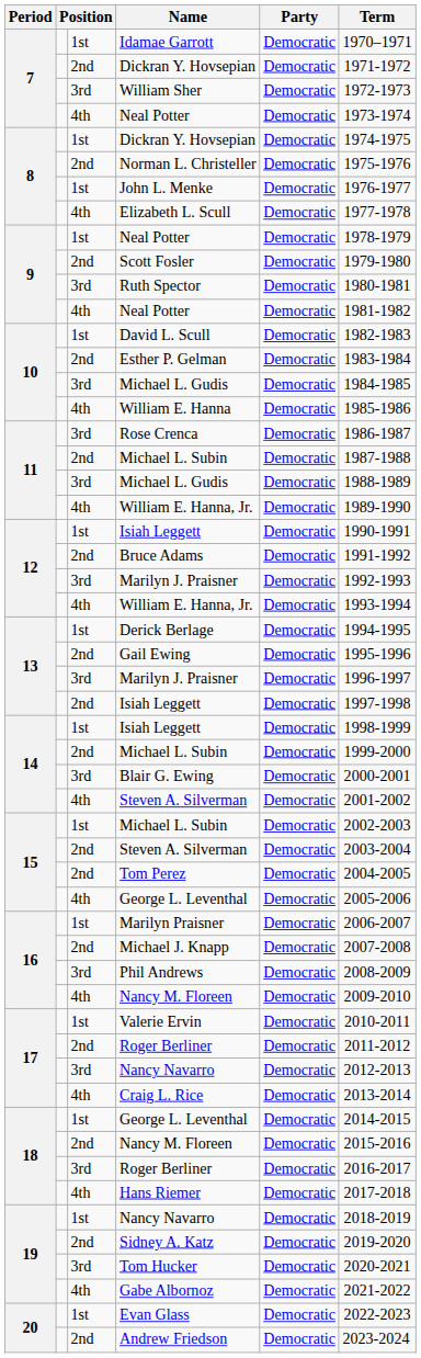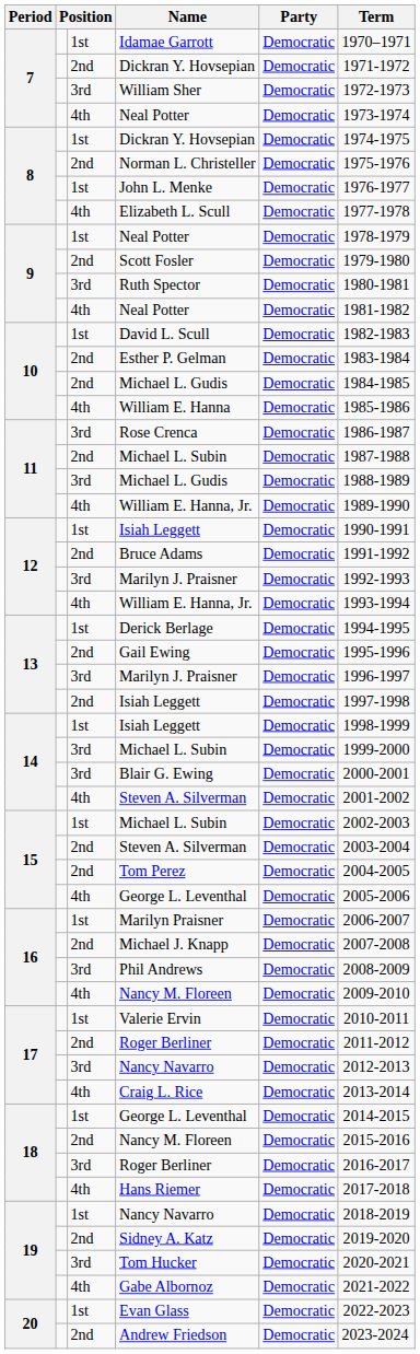 <table class="wikitable">
 <tr>
 <th>Period</th>
 <th colspan="2"  style="text-align:center; vertical-align:bottom;">Position</th>
 <th style="text-align:center;">Name</th>
 <th valign=bottom>Party</th>
 <th style="vertical-align:bottom; text-align:center;">Term</th>
 </tr>
 <tr>
 <th rowspan="4">7</th>
 <td style="background-color:"></td>
 <td>1st</td>
 <td><a href='#'>Idamae Garrott</a></td>
 <td style="text-align:center;"><a href='#'>Democratic</a></td>
 <td style="text-align:center;">1970–1971</td>
 </tr>
 <tr>
 <td style="background-color:"></td>
 <td>2nd</td>
 <td>Dickran Y. Hovsepian</td>
 <td style="text-align:center;"><a href='#'>Democratic</a></td>
 <td style="text-align:center;">1971-1972</td>
 </tr>
 <tr>
 <td style="background-color:"></td>
 <td>3rd</td>
 <td>William Sher</td>
 <td style="text-align:center;"><a href='#'>Democratic</a></td>
 <td style="text-align:center;">1972-1973</td>
 </tr>
 <tr>
 <td style="background-color:"></td>
 <td>4th</td>
 <td>Neal Potter</td>
 <td style="text-align:center;"><a href='#'>Democratic</a></td>
 <td style="text-align:center;">1973-1974</td>
 </tr>
 <tr>
 <th rowspan="4">8</th>
 <td style="background-color:"></td>
 <td>1st</td>
 <td>Dickran Y. Hovsepian</td>
 <td style="text-align:center;"><a href='#'>Democratic</a></td>
 <td style="text-align:center;">1974-1975</td>
 </tr>
 <tr>
 <td style="background-color:"></td>
 <td>2nd</td>
 <td>Norman L. Christeller</td>
 <td style="text-align:center;"><a href='#'>Democratic</a></td>
 <td style="text-align:center;">1975-1976</td>
 </tr>
 <tr>
 <td style="background-color:"></td>
 <td>1st</td>
 <td>John L. Menke</td>
 <td style="text-align:center;"><a href='#'>Democratic</a></td>
 <td style="text-align:center;">1976-1977</td>
 </tr>
 <tr>
 <td style="background-color:"></td>
 <td>4th</td>
 <td>Elizabeth L. Scull</td>
 <td style="text-align:center;"><a href='#'>Democratic</a></td>
 <td style="text-align:center;">1977-1978</td>
 </tr>
 <tr>
 <th rowspan="4">9</th>
 <td style="background-color:"></td>
 <td>1st</td>
 <td>Neal Potter</td>
 <td style="text-align:center;"><a href='#'>Democratic</a></td>
 <td style="text-align:center;">1978-1979</td>
 </tr>
 <tr>
 <td style="background-color:"></td>
 <td>2nd</td>
 <td>Scott Fosler</td>
 <td style="text-align:center;"><a href='#'>Democratic</a></td>
 <td style="text-align:center;">1979-1980</td>
 </tr>
 <tr>
 <td style="background-color:"></td>
 <td>3rd</td>
 <td>Ruth Spector</td>
 <td style="text-align:center;"><a href='#'>Democratic</a></td>
 <td style="text-align:center;">1980-1981</td>
 </tr>
 <tr>
 <td style="background-color:"></td>
 <td>4th</td>
 <td>Neal Potter</td>
 <td style="text-align:center;"><a href='#'>Democratic</a></td>
 <td style="text-align:center;">1981-1982</td>
 </tr>
 <tr>
 <th rowspan="4">10</th>
 <td style="background-color:"></td>
 <td>1st</td>
 <td>David L. Scull</td>
 <td style="text-align:center;"><a href='#'>Democratic</a></td>
 <td style="text-align:center;">1982-1983</td>
 </tr>
 <tr>
 <td style="background-color:"></td>
 <td>2nd</td>
 <td>Esther P. Gelman</td>
 <td style="text-align:center;"><a href='#'>Democratic</a></td>
 <td style="text-align:center;">1983-1984</td>
 </tr>
 <tr>
 <td style="background-color:"></td>
-<td>3rd</td>
+<td>2nd</td>
 <td>Michael L. Gudis</td>
 <td style="text-align:center;"><a href='#'>Democratic</a></td>
 <td style="text-align:center;">1984-1985</td>
 </tr>
 <tr>
 <td style="background-color:"></td>
 <td>4th</td>
 <td>William E. Hanna</td>
 <td style="text-align:center;"><a href='#'>Democratic</a></td>
 <td style="text-align:center;">1985-1986</td>
 </tr>
 <tr>
 <th rowspan="4">11</th>
 <td style="background-color:"></td>
 <td>3rd</td>
 <td>Rose Crenca</td>
 <td style="text-align:center;"><a href='#'>Democratic</a></td>
 <td style="text-align:center;">1986-1987</td>
 </tr>
 <tr>
 <td style="background-color:"></td>
 <td>2nd</td>
 <td>Michael L. Subin</td>
 <td style="text-align:center;"><a href='#'>Democratic</a></td>
 <td style="text-align:center;">1987-1988</td>
 </tr>
 <tr>
 <td style="background-color:"></td>
 <td>3rd</td>
 <td>Michael L. Gudis</td>
 <td style="text-align:center;"><a href='#'>Democratic</a></td>
 <td style="text-align:center;">1988-1989</td>
 </tr>
 <tr>
 <td style="background-color:"></td>
 <td>4th</td>
 <td>William E. Hanna, Jr.</td>
 <td style="text-align:center;"><a href='#'>Democratic</a></td>
 <td style="text-align:center;">1989-1990</td>
 </tr>
 <tr>
 <th rowspan="4">12</th>
 <td style="background-color:"></td>
 <td>1st</td>
 <td><a href='#'>Isiah Leggett</a></td>
 <td style="text-align:center;"><a href='#'>Democratic</a></td>
 <td style="text-align:center;">1990-1991</td>
 </tr>
 <tr>
 <td style="background-color:"></td>
 <td>2nd</td>
 <td>Bruce Adams</td>
 <td style="text-align:center;"><a href='#'>Democratic</a></td>
 <td style="text-align:center;">1991-1992</td>
 </tr>
 <tr>
 <td style="background-color:"></td>
 <td>3rd</td>
 <td>Marilyn J. Praisner</td>
 <td style="text-align:center;"><a href='#'>Democratic</a></td>
 <td style="text-align:center;">1992-1993</td>
 </tr>
 <tr>
 <td style="background-color:"></td>
 <td>4th</td>
 <td>William E. Hanna, Jr.</td>
 <td style="text-align:center;"><a href='#'>Democratic</a></td>
 <td style="text-align:center;">1993-1994</td>
 </tr>
 <tr>
 <th rowspan="4">13</th>
 <td style="background-color:"></td>
 <td>1st</td>
 <td>Derick Berlage</td>
 <td style="text-align:center;"><a href='#'>Democratic</a></td>
 <td style="text-align:center;">1994-1995</td>
 </tr>
 <tr>
 <td style="background-color:"></td>
 <td>2nd</td>
 <td>Gail Ewing</td>
 <td style="text-align:center;"><a href='#'>Democratic</a></td>
 <td style="text-align:center;">1995-1996</td>
 </tr>
 <tr>
 <td style="background-color:"></td>
 <td>3rd</td>
 <td>Marilyn J. Praisner</td>
 <td style="text-align:center;"><a href='#'>Democratic</a></td>
 <td style="text-align:center;">1996-1997</td>
 </tr>
 <tr>
 <td style="background-color:"></td>
 <td>2nd</td>
 <td>Isiah Leggett</td>
 <td style="text-align:center;"><a href='#'>Democratic</a></td>
 <td style="text-align:center;">1997-1998</td>
 </tr>
 <tr>
 <th rowspan="4">14</th>
 <td style="background-color:"></td>
 <td>1st</td>
 <td>Isiah Leggett</td>
 <td style="text-align:center;"><a href='#'>Democratic</a></td>
 <td style="text-align:center;">1998-1999</td>
 </tr>
 <tr>
 <td style="background-color:"></td>
-<td>2nd</td>
+<td>3rd</td>
 <td>Michael L. Subin</td>
 <td style="text-align:center;"><a href='#'>Democratic</a></td>
 <td style="text-align:center;">1999-2000</td>
 </tr>
 <tr>
 <td style="background-color:"></td>
 <td>3rd</td>
 <td>Blair G. Ewing</td>
 <td style="text-align:center;"><a href='#'>Democratic</a></td>
 <td style="text-align:center;">2000-2001</td>
 </tr>
 <tr>
 <td style="background-color:"></td>
 <td>4th</td>
 <td><a href='#'>Steven A. Silverman</a></td>
 <td style="text-align:center;"><a href='#'>Democratic</a></td>
 <td style="text-align:center;">2001-2002</td>
 </tr>
 <tr>
 <th rowspan="4">15</th>
 <td style="background-color:"></td>
 <td>1st</td>
 <td>Michael L. Subin</td>
 <td style="text-align:center;"><a href='#'>Democratic</a></td>
 <td style="text-align:center;">2002-2003</td>
 </tr>
 <tr>
 <td style="background-color:"></td>
 <td>2nd</td>
 <td>Steven A. Silverman</td>
 <td style="text-align:center;"><a href='#'>Democratic</a></td>
 <td style="text-align:center;">2003-2004</td>
 </tr>
 <tr>
 <td style="background-color:"></td>
 <td>2nd</td>
 <td><a href='#'>Tom Perez</a></td>
 <td style="text-align:center;"><a href='#'>Democratic</a></td>
 <td style="text-align:center;">2004-2005</td>
 </tr>
 <tr>
 <td style="background-color:"></td>
 <td>4th</td>
 <td>George L. Leventhal</td>
 <td style="text-align:center;"><a href='#'>Democratic</a></td>
 <td style="text-align:center;">2005-2006</td>
 </tr>
 <tr>
 <th rowspan="4">16</th>
 <td style="background-color:"></td>
 <td>1st</td>
 <td>Marilyn Praisner</td>
 <td style="text-align:center;"><a href='#'>Democratic</a></td>
 <td style="text-align:center;">2006-2007</td>
 </tr>
 <tr>
 <td style="background-color:"></td>
 <td>2nd</td>
 <td>Michael J. Knapp</td>
 <td style="text-align:center;"><a href='#'>Democratic</a></td>
 <td style="text-align:center;">2007-2008</td>
 </tr>
 <tr>
 <td style="background-color:"></td>
 <td>3rd</td>
 <td>Phil Andrews</td>
 <td style="text-align:center;"><a href='#'>Democratic</a></td>
 <td style="text-align:center;">2008-2009</td>
 </tr>
 <tr>
 <td style="background-color:"></td>
 <td>4th</td>
 <td><a href='#'>Nancy M. Floreen</a></td>
 <td style="text-align:center;"><a href='#'>Democratic</a></td>
 <td style="text-align:center;">2009-2010</td>
 </tr>
 <tr>
 <th rowspan="4">17</th>
 <td style="background-color:"></td>
 <td>1st</td>
 <td>Valerie Ervin</td>
 <td style="text-align:center;"><a href='#'>Democratic</a></td>
 <td style="text-align:center;">2010-2011</td>
 </tr>
 <tr>
 <td style="background-color:"></td>
 <td>2nd</td>
 <td><a href='#'>Roger Berliner</a><br></td>
 <td style="text-align:center;"><a href='#'>Democratic</a></td>
 <td style="text-align:center;">2011-2012</td>
 </tr>
 <tr>
 <td style="background-color:"></td>
 <td>3rd</td>
 <td><a href='#'>Nancy Navarro</a><br></td>
 <td style="text-align:center;"><a href='#'>Democratic</a></td>
 <td style="text-align:center;">2012-2013</td>
 </tr>
 <tr>
 <td style="background-color:"></td>
 <td>4th</td>
 <td><a href='#'>Craig L. Rice</a><br></td>
 <td style="text-align:center;"><a href='#'>Democratic</a></td>
 <td style="text-align:center;">2013-2014</td>
 </tr>
 <tr>
 <th rowspan="4">18</th>
 <td style="background-color:"></td>
 <td>1st</td>
 <td>George L. Leventhal<br></td>
 <td style="text-align:center;"><a href='#'>Democratic</a></td>
 <td style="text-align:center;">2014-2015</td>
 </tr>
 <tr>
 <td style="background-color:"></td>
 <td>2nd</td>
 <td>Nancy M. Floreen<br></td>
 <td style="text-align:center;"><a href='#'>Democratic</a></td>
 <td style="text-align:center;">2015-2016</td>
 </tr>
 <tr>
 <td style="background-color:"></td>
 <td>3rd</td>
 <td>Roger Berliner<br></td>
 <td style="text-align:center;"><a href='#'>Democratic</a></td>
 <td style="text-align:center;">2016-2017</td>
 </tr>
 <tr>
 <td style="background-color:"></td>
 <td>4th</td>
 <td><a href='#'>Hans Riemer</a><br></td>
 <td style="text-align:center;"><a href='#'>Democratic</a></td>
 <td style="text-align:center;">2017-2018</td>
 </tr>
 <tr>
 <th rowspan="4">19</th>
 <td style="background-color:"></td>
 <td>1st</td>
 <td>Nancy Navarro<br></td>
 <td style="text-align:center;"><a href='#'>Democratic</a></td>
 <td style="text-align:center;">2018-2019</td>
 </tr>
 <tr>
 <td style="background-color:"></td>
 <td>2nd</td>
 <td><a href='#'>Sidney A. Katz</a><br></td>
 <td style="text-align:center;"><a href='#'>Democratic</a></td>
 <td style="text-align:center;">2019-2020</td>
 </tr>
 <tr>
 <td style="background-color:"></td>
 <td>3rd</td>
 <td><a href='#'>Tom Hucker</a><br></td>
 <td style="text-align:center;"><a href='#'>Democratic</a></td>
 <td style="text-align:center;">2020-2021</td>
 </tr>
 <tr>
 <td style="background-color:"></td>
 <td>4th</td>
 <td><a href='#'>Gabe Albornoz</a><br></td>
 <td style="text-align:center;"><a href='#'>Democratic</a></td>
 <td style="text-align:center;">2021-2022</td>
 </tr>
 <tr>
 <th rowspan="5">20</th>
 <td style="background-color:"></td>
 <td>1st</td>
 <td><a href='#'>Evan Glass</a><br></td>
 <td style="text-align:center;"><a href='#'>Democratic</a></td>
 <td style="text-align:center;">2022-2023</td>
 </tr>
 <tr>
 <td style="background-color:"></td>
 <td>2nd</td>
 <td><a href='#'>Andrew Friedson</a><br></td>
 <td><a href='#'>Democratic</a></td>
 <td>2023-2024</td>
 </tr>
 </table>
